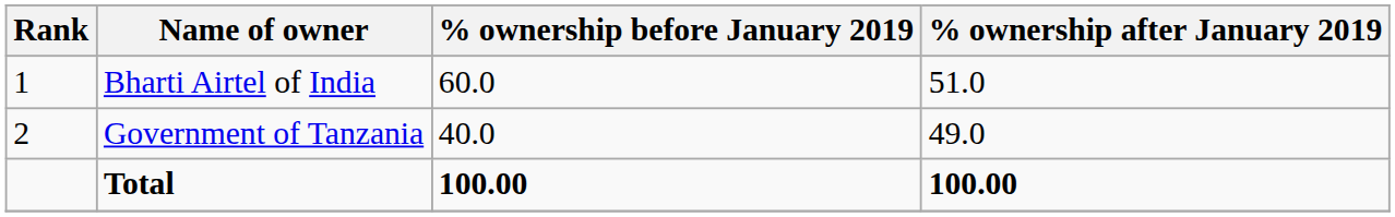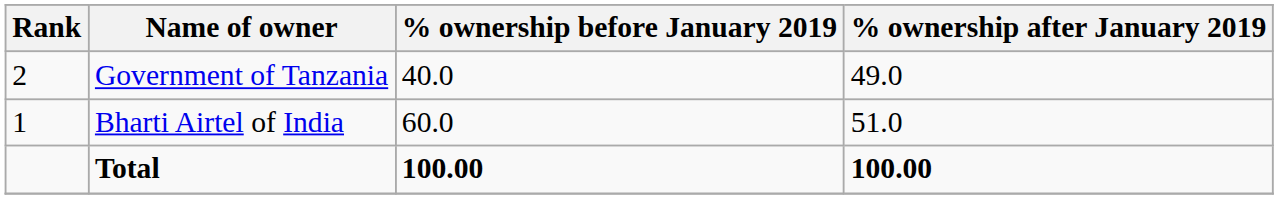 <table class="wikitable sortable" style="margin-left:auto;margin-right:auto">
 <tr>
 <th style="width:2em;">Rank</th>
 <th>Name of owner</th>
 <th>% ownership before January 2019</th>
 <th>% ownership after January 2019</th>
 </tr>
 <tr>
+<td>2</td>
+<td><a href='#'>Government of Tanzania</a></td>
+<td>40.0</td>
+<td>49.0</td>
+</tr>
+<tr>
 <td>1</td>
 <td><a href='#'>Bharti Airtel</a> of <a href='#'>India</a></td>
 <td>60.0</td>
 <td>51.0</td>
-</tr>
-<tr>
-<td>2</td>
-<td><a href='#'>Government of Tanzania</a></td>
-<td>40.0</td>
-<td>49.0</td>
 </tr>
 <tr>
 <td></td>
 <td><strong>Total</strong></td>
 <td><strong>100.00</strong></td>
 <td><strong>100.00</strong></td>
 </tr>
 <tr>
 </tr>
 </table>
